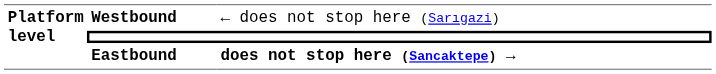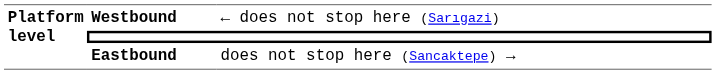 <table cellpadding="3" cellspacing="0" border="0">
 <tr>
 <td rowspan="3" width="50" style="border-top-color: gray; border-bottom-color: gray; border-top-width: 1px; border-bottom-width: 1px; border-top-style: solid; border-bottom-style: solid;" valign="top"><strong>Platform level</strong></td>
 <td width="100" style="border-top-color: gray; border-top-width: 1px; border-top-style: solid;"><strong>Westbound</strong></td>
 <td width="400" style="border-top-color: gray; border-top-width: 1px; border-top-style: solid;">←  does not stop here <small>(<a href='#'>Sarıgazi</a>)</small></td>
 </tr>
 <tr>
 <td colspan="2" style="border: 2px solid black; border-image: none; text-align: center;"></td>
 </tr>
 <tr>
 <td style="border-bottom-color: gray; border-bottom-width: 1px; border-bottom-style: solid;"><strong>Eastbound</strong></td>
-<td style="border-bottom-color: gray; border-bottom-width: 1px; border-bottom-style: solid;"><strong> does not stop here <small>(<a href='#'>Sancaktepe</a>)</small> →</strong></td>
+<td style="border-bottom-color: gray; border-bottom-width: 1px; border-bottom-style: solid;"> does not stop here <small>(<a href='#'>Sancaktepe</a>)</small> →</td>
 </tr>
 </table>
